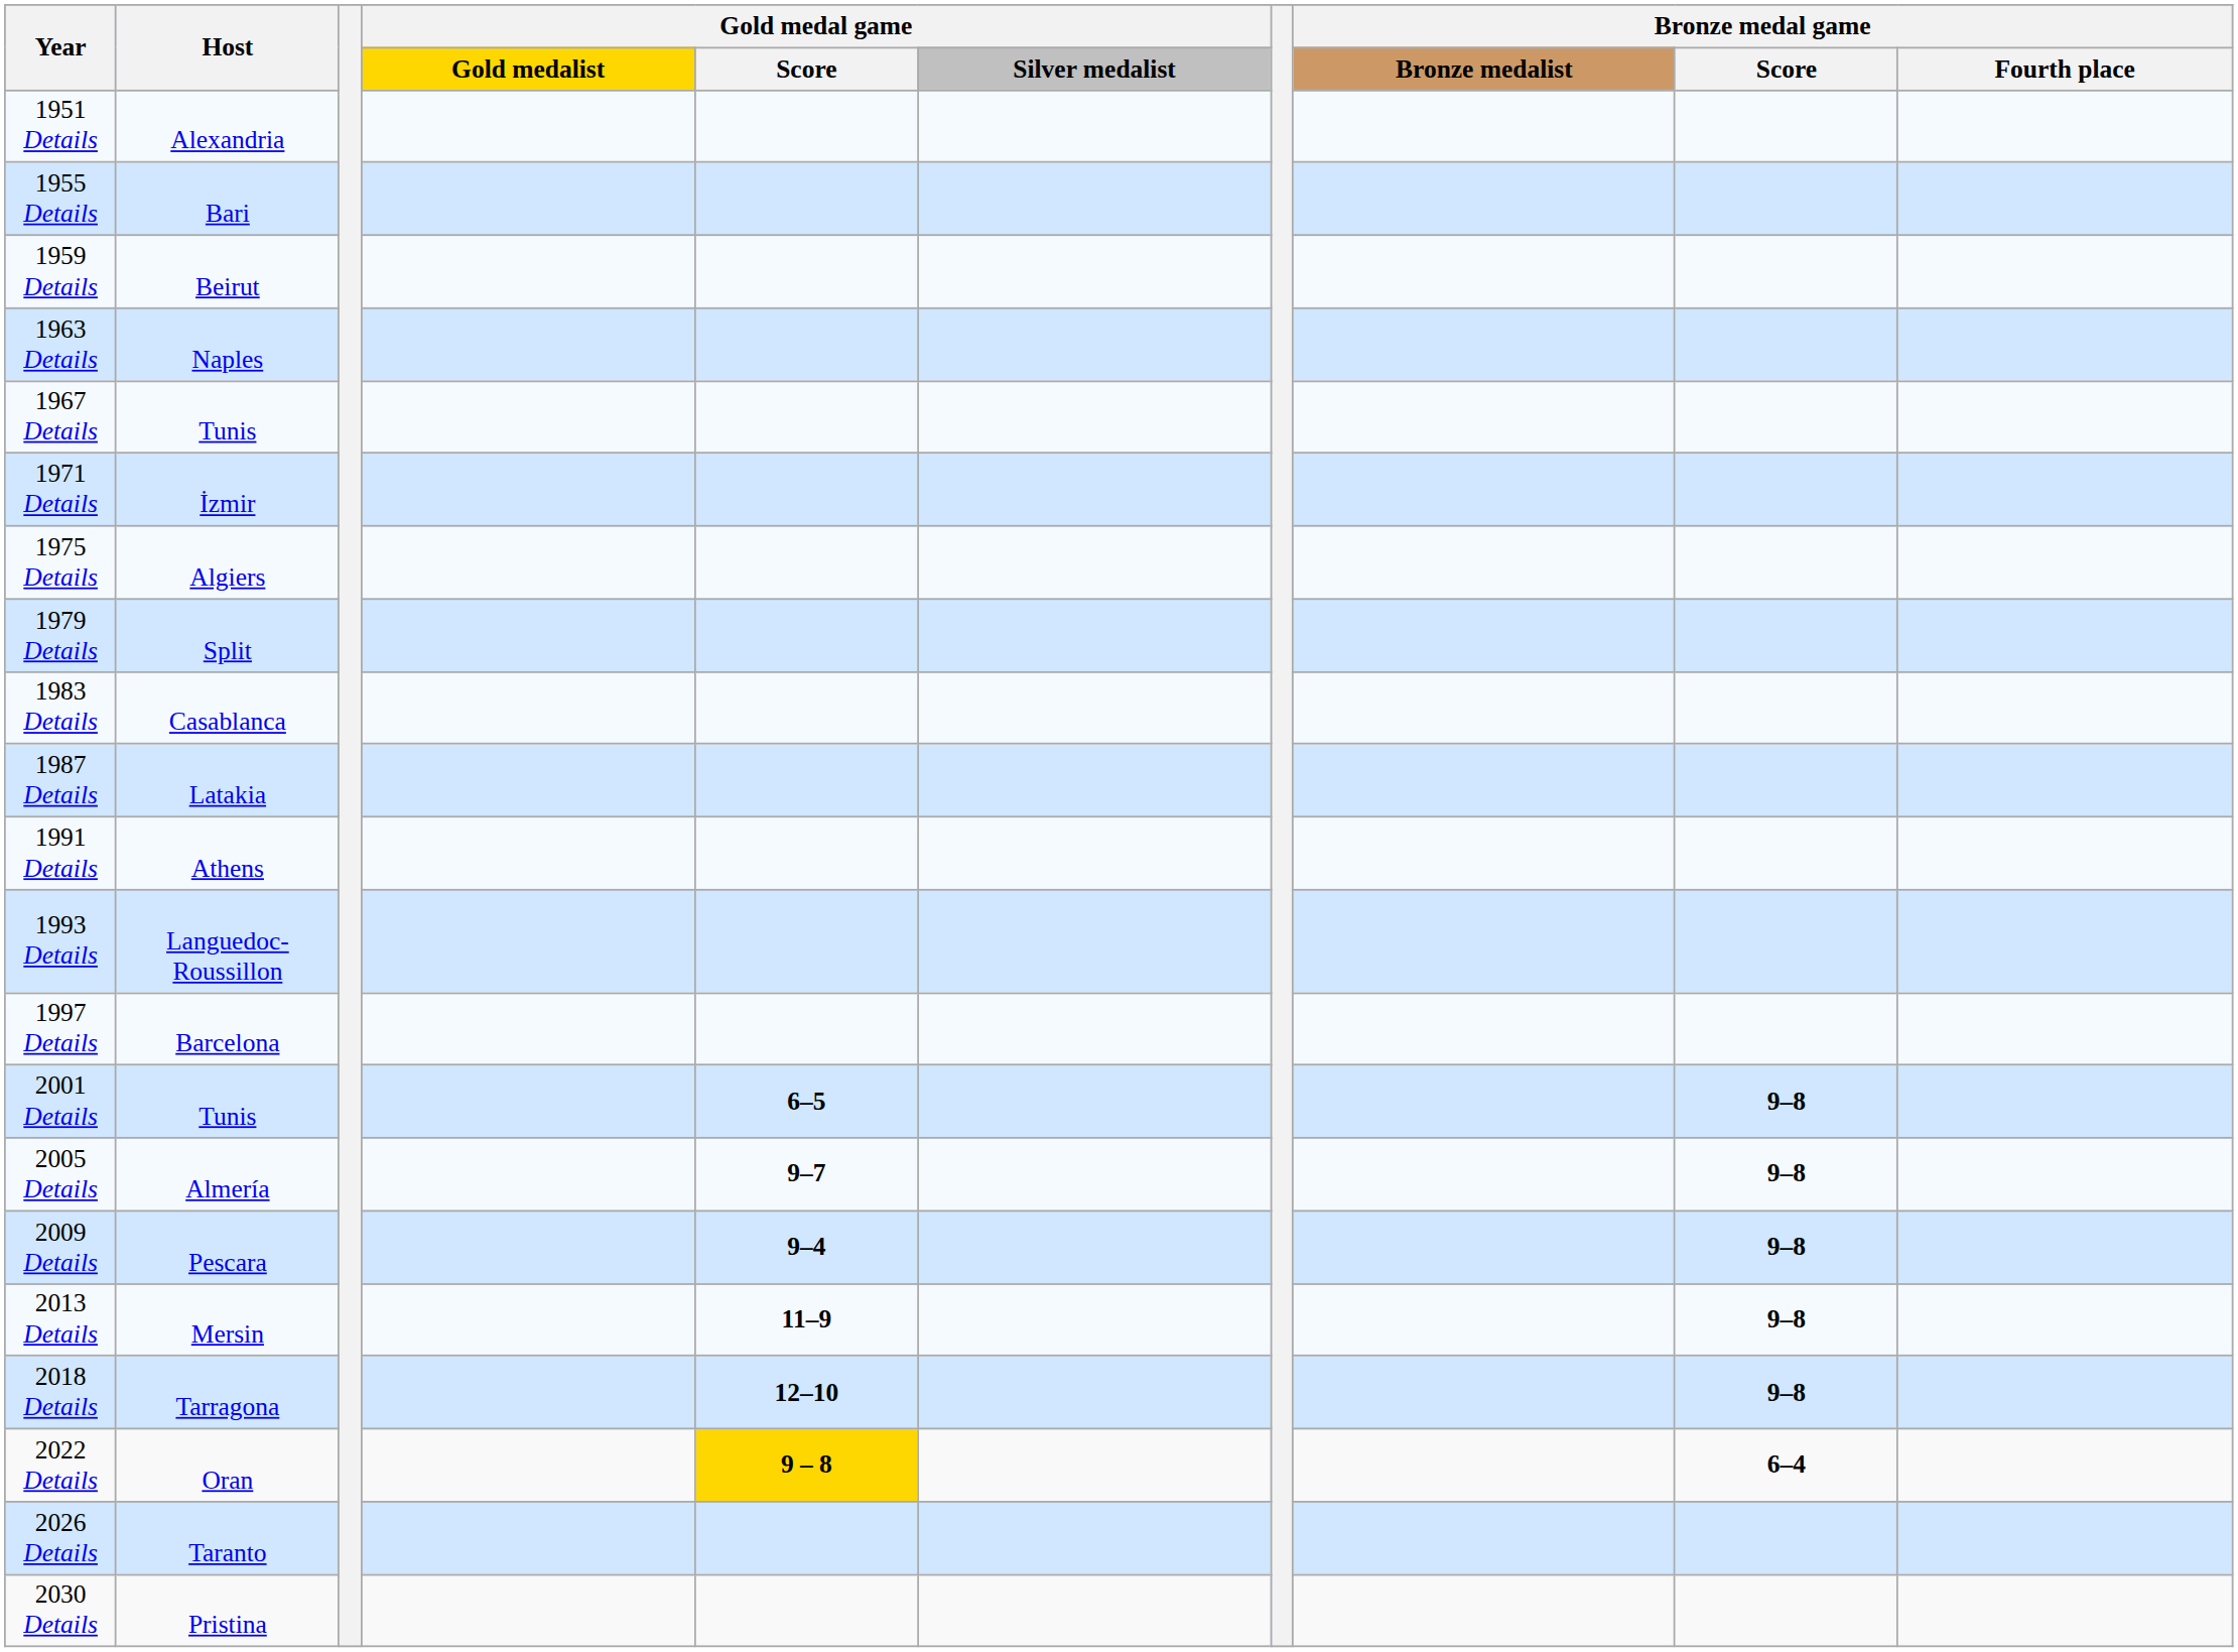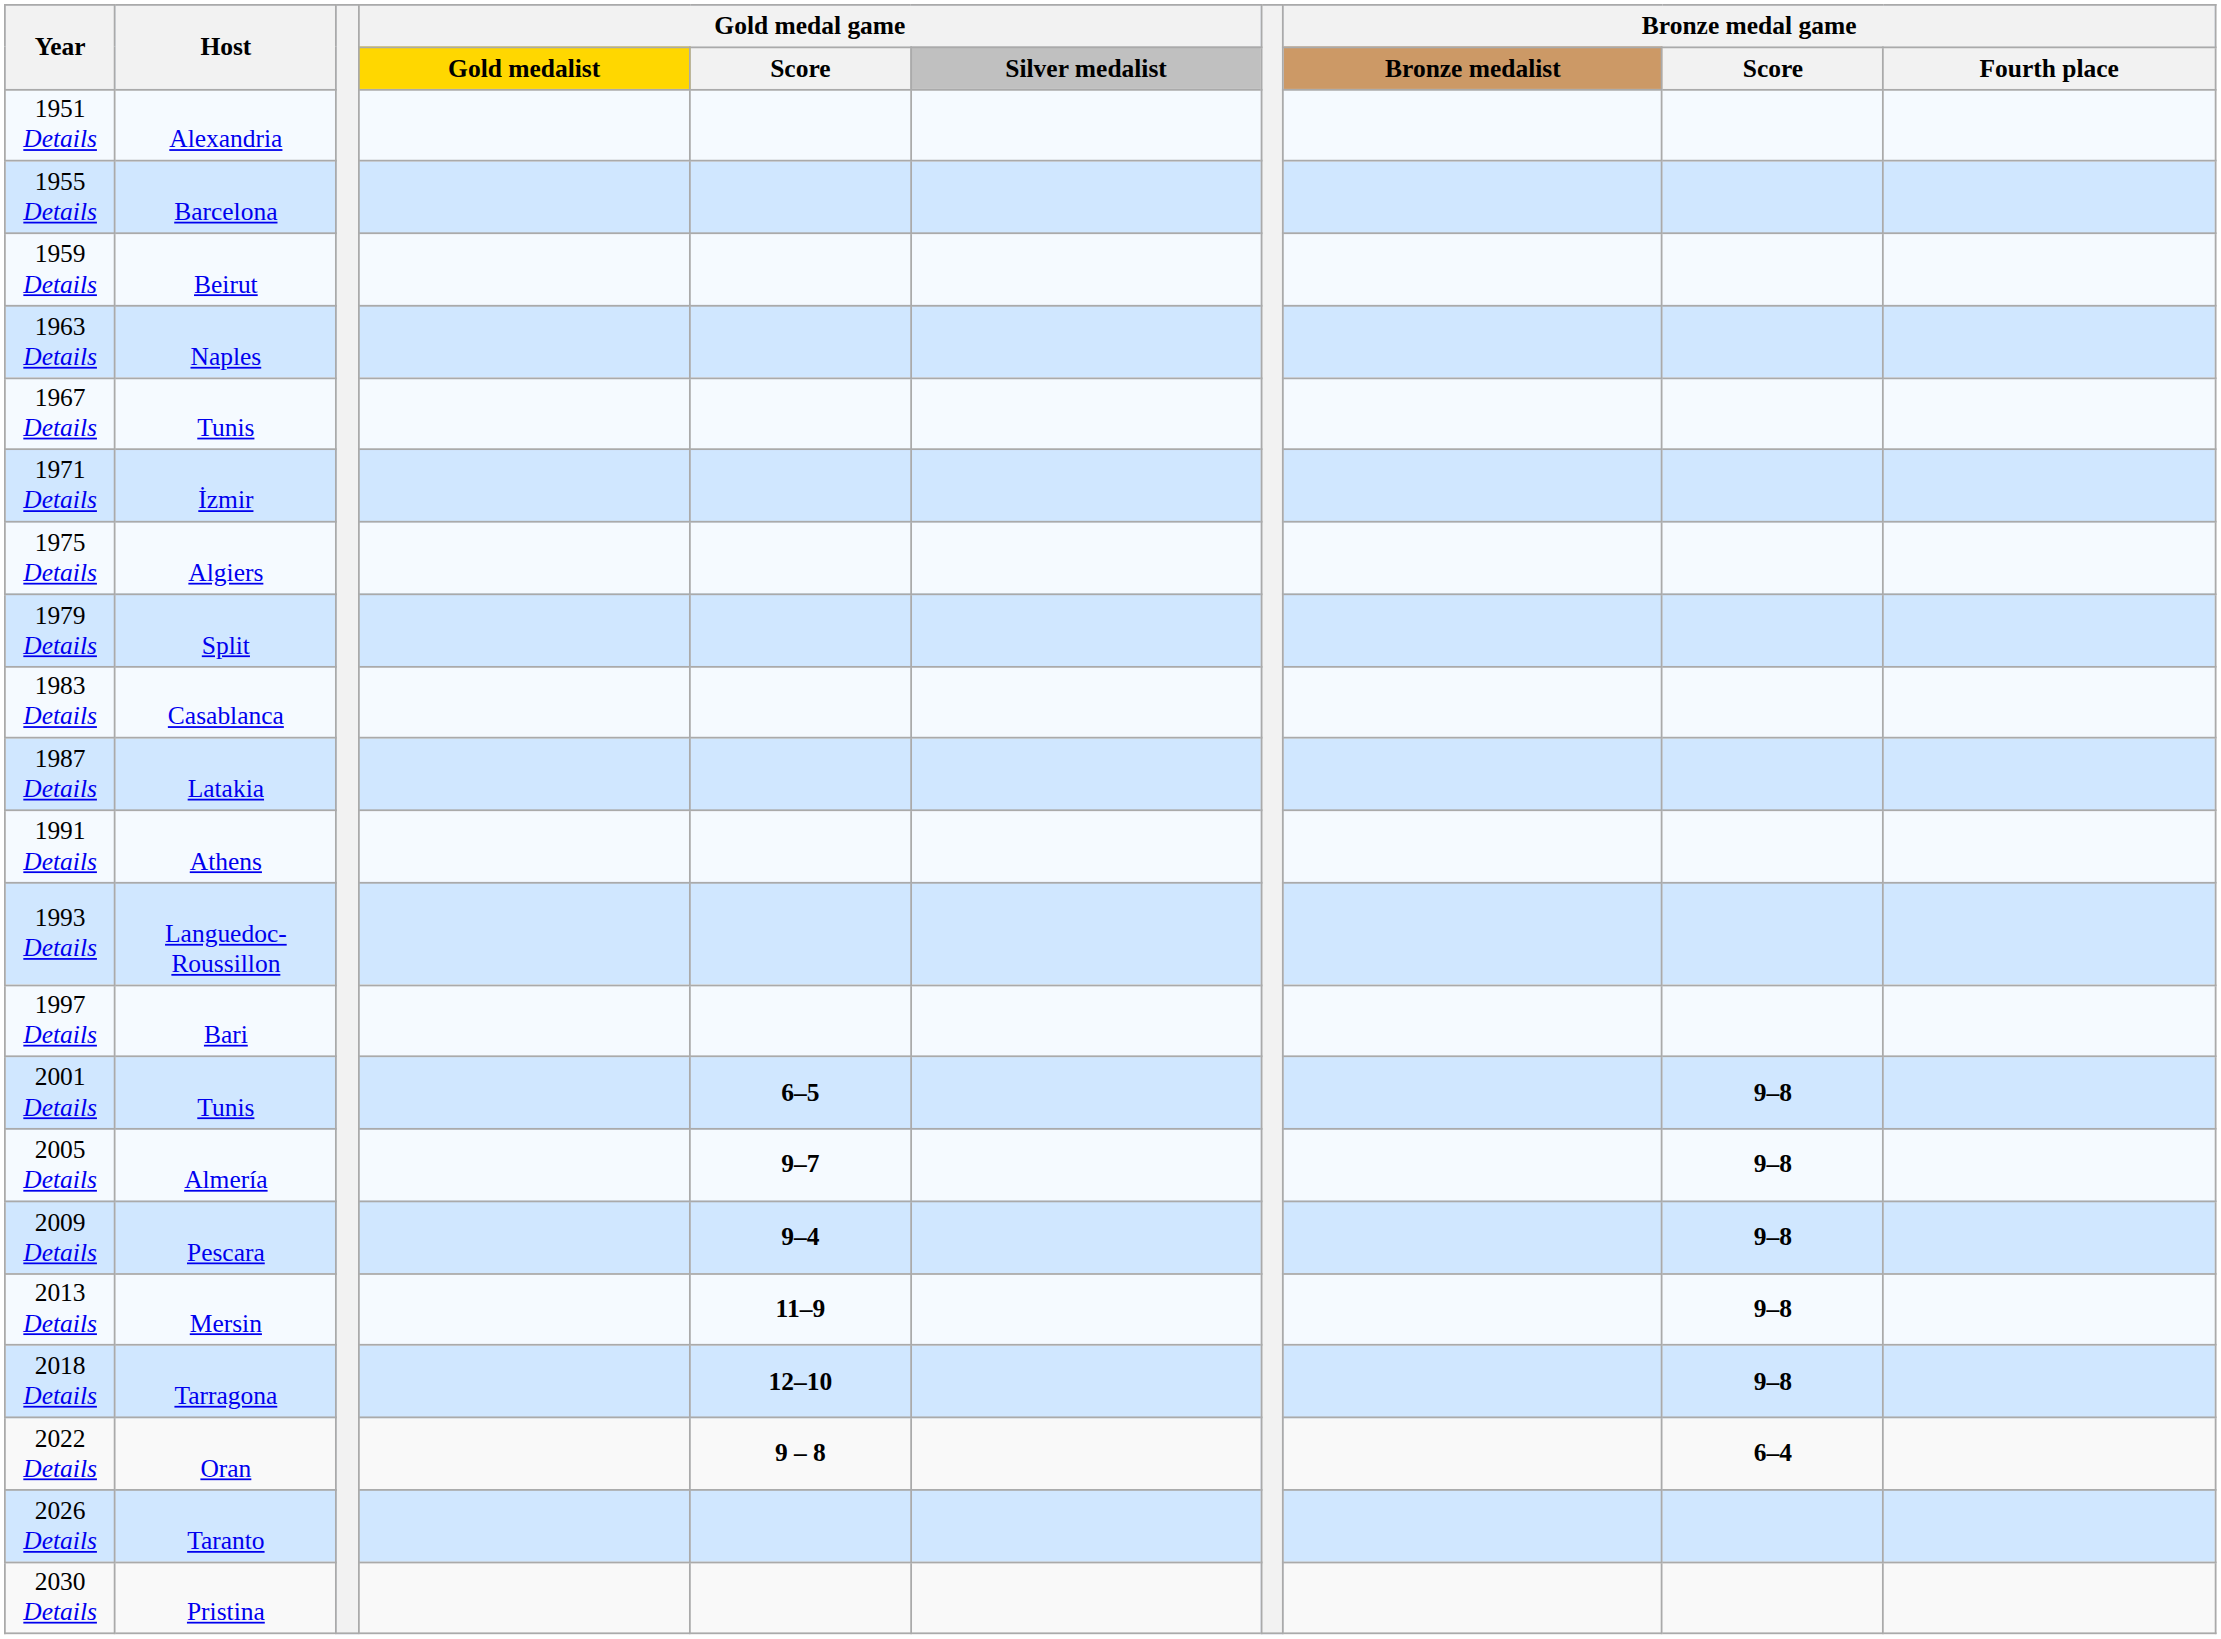 <table class=wikitable style="text-align:center; font-size:90%;">
 <tr bgcolor=#C1D8FF>
 <th rowspan=2 width=5%>Year</th>
 <th rowspan=2 width=10%>Host</th>
 <th width=1% rowspan=23 bgcolor=ffffff></th>
 <th colspan=3>Gold medal game</th>
 <th width=1% rowspan=23 bgcolor=ffffff></th>
 <th colspan=3>Bronze medal game</th>
 </tr>
 <tr bgcolor=#EFEFEF>
 <th style="background:gold; width=15%"> Gold medalist</th>
 <th width=10%>Score</th>
 <th style="background:silver; width=15%"> Silver medalist</th>
 <th style="background:#cc9966; width=15%"> Bronze medalist</th>
 <th width=10%>Score</th>
 <th width=15%>Fourth place</th>
 </tr>
 <tr bgcolor=#F5FAFF>
 <td>1951<br><em><a href='#'>Details</a></em></td>
 <td> <br><a href='#'>Alexandria</a></td>
 <td><strong></strong></td>
 <td></td>
 <td></td>
 <td></td>
 <td></td>
 <td></td>
 </tr>
 <tr bgcolor=#D0E7FF>
 <td>1955<br><em><a href='#'>Details</a></em></td>
-<td> <br><a href='#'>Bari</a></td>
+<td> <br><a href='#'>Barcelona</a></td>
 <td><strong></strong></td>
 <td></td>
 <td></td>
 <td></td>
 <td></td>
 <td></td>
 </tr>
 <tr bgcolor=#F5FAFF>
 <td>1959<br><em><a href='#'>Details</a></em></td>
 <td> <br><a href='#'>Beirut</a></td>
 <td><strong></strong></td>
 <td></td>
 <td></td>
 <td></td>
 <td></td>
 <td></td>
 </tr>
 <tr bgcolor=#D0E7FF>
 <td>1963<br><em><a href='#'>Details</a></em></td>
 <td> <br><a href='#'>Naples</a></td>
 <td><strong></strong></td>
 <td></td>
 <td></td>
 <td></td>
 <td></td>
 <td></td>
 </tr>
 <tr bgcolor=#F5FAFF>
 <td>1967<br><em><a href='#'>Details</a></em></td>
 <td> <br><a href='#'>Tunis</a></td>
 <td><strong></strong></td>
 <td></td>
 <td></td>
 <td></td>
 <td></td>
 <td></td>
 </tr>
 <tr bgcolor=#D0E7FF>
 <td>1971<br><em><a href='#'>Details</a></em></td>
 <td> <br><a href='#'>İzmir</a></td>
 <td><strong></strong></td>
 <td></td>
 <td></td>
 <td></td>
 <td></td>
 <td></td>
 </tr>
 <tr bgcolor=#F5FAFF>
 <td>1975<br><em><a href='#'>Details</a></em></td>
 <td> <br><a href='#'>Algiers</a></td>
 <td><strong></strong></td>
 <td></td>
 <td></td>
 <td></td>
 <td></td>
 <td></td>
 </tr>
 <tr bgcolor=#D0E7FF>
 <td>1979<br><em><a href='#'>Details</a></em></td>
 <td> <br><a href='#'>Split</a></td>
 <td><strong></strong></td>
 <td></td>
 <td></td>
 <td></td>
 <td></td>
 <td></td>
 </tr>
 <tr bgcolor=#F5FAFF>
 <td>1983<br><em><a href='#'>Details</a></em></td>
 <td> <br><a href='#'>Casablanca</a></td>
 <td><strong></strong></td>
 <td></td>
 <td></td>
 <td></td>
 <td></td>
 <td></td>
 </tr>
 <tr bgcolor=#D0E7FF>
 <td>1987<br><em><a href='#'>Details</a></em></td>
 <td> <br><a href='#'>Latakia</a></td>
 <td><strong></strong></td>
 <td></td>
 <td></td>
 <td></td>
 <td></td>
 <td></td>
 </tr>
 <tr bgcolor=#F5FAFF>
 <td>1991<br><em><a href='#'>Details</a></em></td>
 <td> <br><a href='#'>Athens</a></td>
 <td><strong></strong></td>
 <td></td>
 <td></td>
 <td></td>
 <td></td>
 <td></td>
 </tr>
 <tr bgcolor=#D0E7FF>
 <td>1993<br><em><a href='#'>Details</a></em></td>
 <td> <br><a href='#'>Languedoc-Roussillon</a></td>
 <td><strong></strong></td>
 <td></td>
 <td></td>
 <td></td>
 <td></td>
 <td></td>
 </tr>
 <tr bgcolor=#F5FAFF>
 <td>1997<br><em><a href='#'>Details</a></em></td>
-<td> <br><a href='#'>Barcelona</a></td>
+<td> <br><a href='#'>Bari</a></td>
 <td><strong></strong></td>
 <td></td>
 <td></td>
 <td></td>
 <td></td>
 <td></td>
 </tr>
 <tr bgcolor=#D0E7FF>
 <td>2001<br><em><a href='#'>Details</a></em></td>
 <td> <br><a href='#'>Tunis</a></td>
 <td><strong></strong></td>
 <td><strong>6–5</strong></td>
 <td></td>
 <td></td>
 <td><strong>9–8</strong></td>
 <td></td>
 </tr>
 <tr bgcolor=#F5FAFF>
 <td>2005 <br> <em><a href='#'>Details</a></em></td>
 <td> <br><a href='#'>Almería</a></td>
 <td><strong></strong></td>
 <td><strong>9–7</strong></td>
 <td></td>
 <td></td>
 <td><strong>9–8</strong></td>
 <td></td>
 </tr>
 <tr bgcolor=#D0E7FF>
 <td>2009<br><em><a href='#'>Details</a></em></td>
 <td> <br><a href='#'>Pescara</a></td>
 <td><strong></strong></td>
 <td><strong>9–4</strong></td>
 <td></td>
 <td></td>
 <td><strong>9–8</strong></td>
 <td></td>
 </tr>
 <tr bgcolor=#F5FAFF>
 <td>2013 <br> <em><a href='#'>Details</a></em></td>
 <td> <br><a href='#'>Mersin</a></td>
 <td><strong></strong></td>
 <td><strong>11–9</strong></td>
 <td></td>
 <td></td>
 <td><strong>9–8</strong></td>
 <td></td>
 </tr>
 <tr bgcolor=#D0E7FF>
 <td>2018 <br> <em><a href='#'>Details</a></em></td>
 <td> <br><a href='#'>Tarragona</a></td>
 <td><strong></strong></td>
 <td><strong>12–10</strong></td>
 <td></td>
 <td></td>
 <td><strong>9–8</strong></td>
 <td></td>
 </tr>
 <tr>
 <td>2022 <br> <em><a href='#'>Details</a></em></td>
 <td> <br><a href='#'>Oran</a></td>
 <td><strong></strong></td>
-<td style="background: gold;"><strong>9 – 8</strong></td>
+<td><strong>9 – 8</strong></td>
 <td></td>
 <td></td>
 <td><strong>6–4</strong></td>
 <td></td>
 </tr>
 <tr bgcolor=#D0E7FF>
 <td>2026 <br> <em><a href='#'>Details</a></em></td>
 <td> <br><a href='#'>Taranto</a></td>
 <td></td>
 <td></td>
 <td></td>
 <td></td>
 <td></td>
 <td></td>
 </tr>
 <tr>
 <td>2030 <br> <em><a href='#'>Details</a></em></td>
 <td> <br><a href='#'>Pristina</a></td>
 <td></td>
 <td></td>
 <td></td>
 <td></td>
 <td></td>
 <td></td>
 </tr>
 </table>
